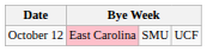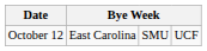 <table class="wikitable" style="font-size:95%;">
 <tr>
 <th>Date</th>
 <th colspan="3">Bye Week</th>
 </tr>
 <tr>
 <td>October 12</td>
-<td style="background: pink;">East Carolina</td>
+<td>East Carolina</td>
 <td>SMU</td>
 <td>UCF</td>
 </tr>
 </table>
